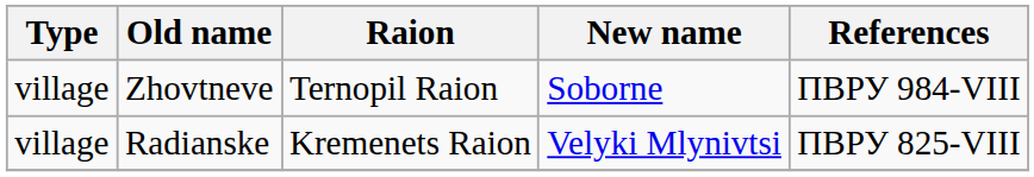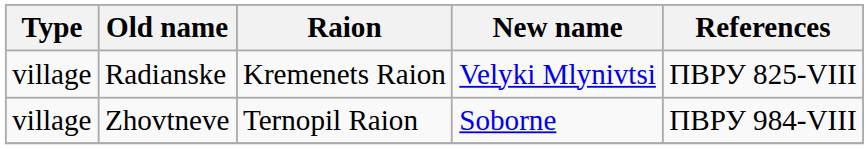 <table class="wikitable sortable" style="margin:auto;">
 <tr>
 <th>Type</th>
 <th>Old name</th>
 <th>Raion</th>
 <th>New name</th>
 <th>References</th>
 </tr>
 <tr>
 <td>village</td>
+<td>Radianske</td>
+<td>Kremenets Raion</td>
+<td><a href='#'>Velyki Mlynivtsi</a></td>
+<td>ПВРУ 825-VIII</td>
+</tr>
+<tr>
+<td>village</td>
 <td>Zhovtneve</td>
 <td>Ternopil Raion</td>
 <td><a href='#'>Soborne</a></td>
 <td>ПВРУ 984-VIII</td>
 </tr>
 <tr>
-<td>village</td>
-<td>Radianske</td>
-<td>Kremenets Raion</td>
-<td><a href='#'>Velyki Mlynivtsi</a></td>
-<td>ПВРУ 825-VIII</td>
-</tr>
-<tr>
 </tr>
 </table>
